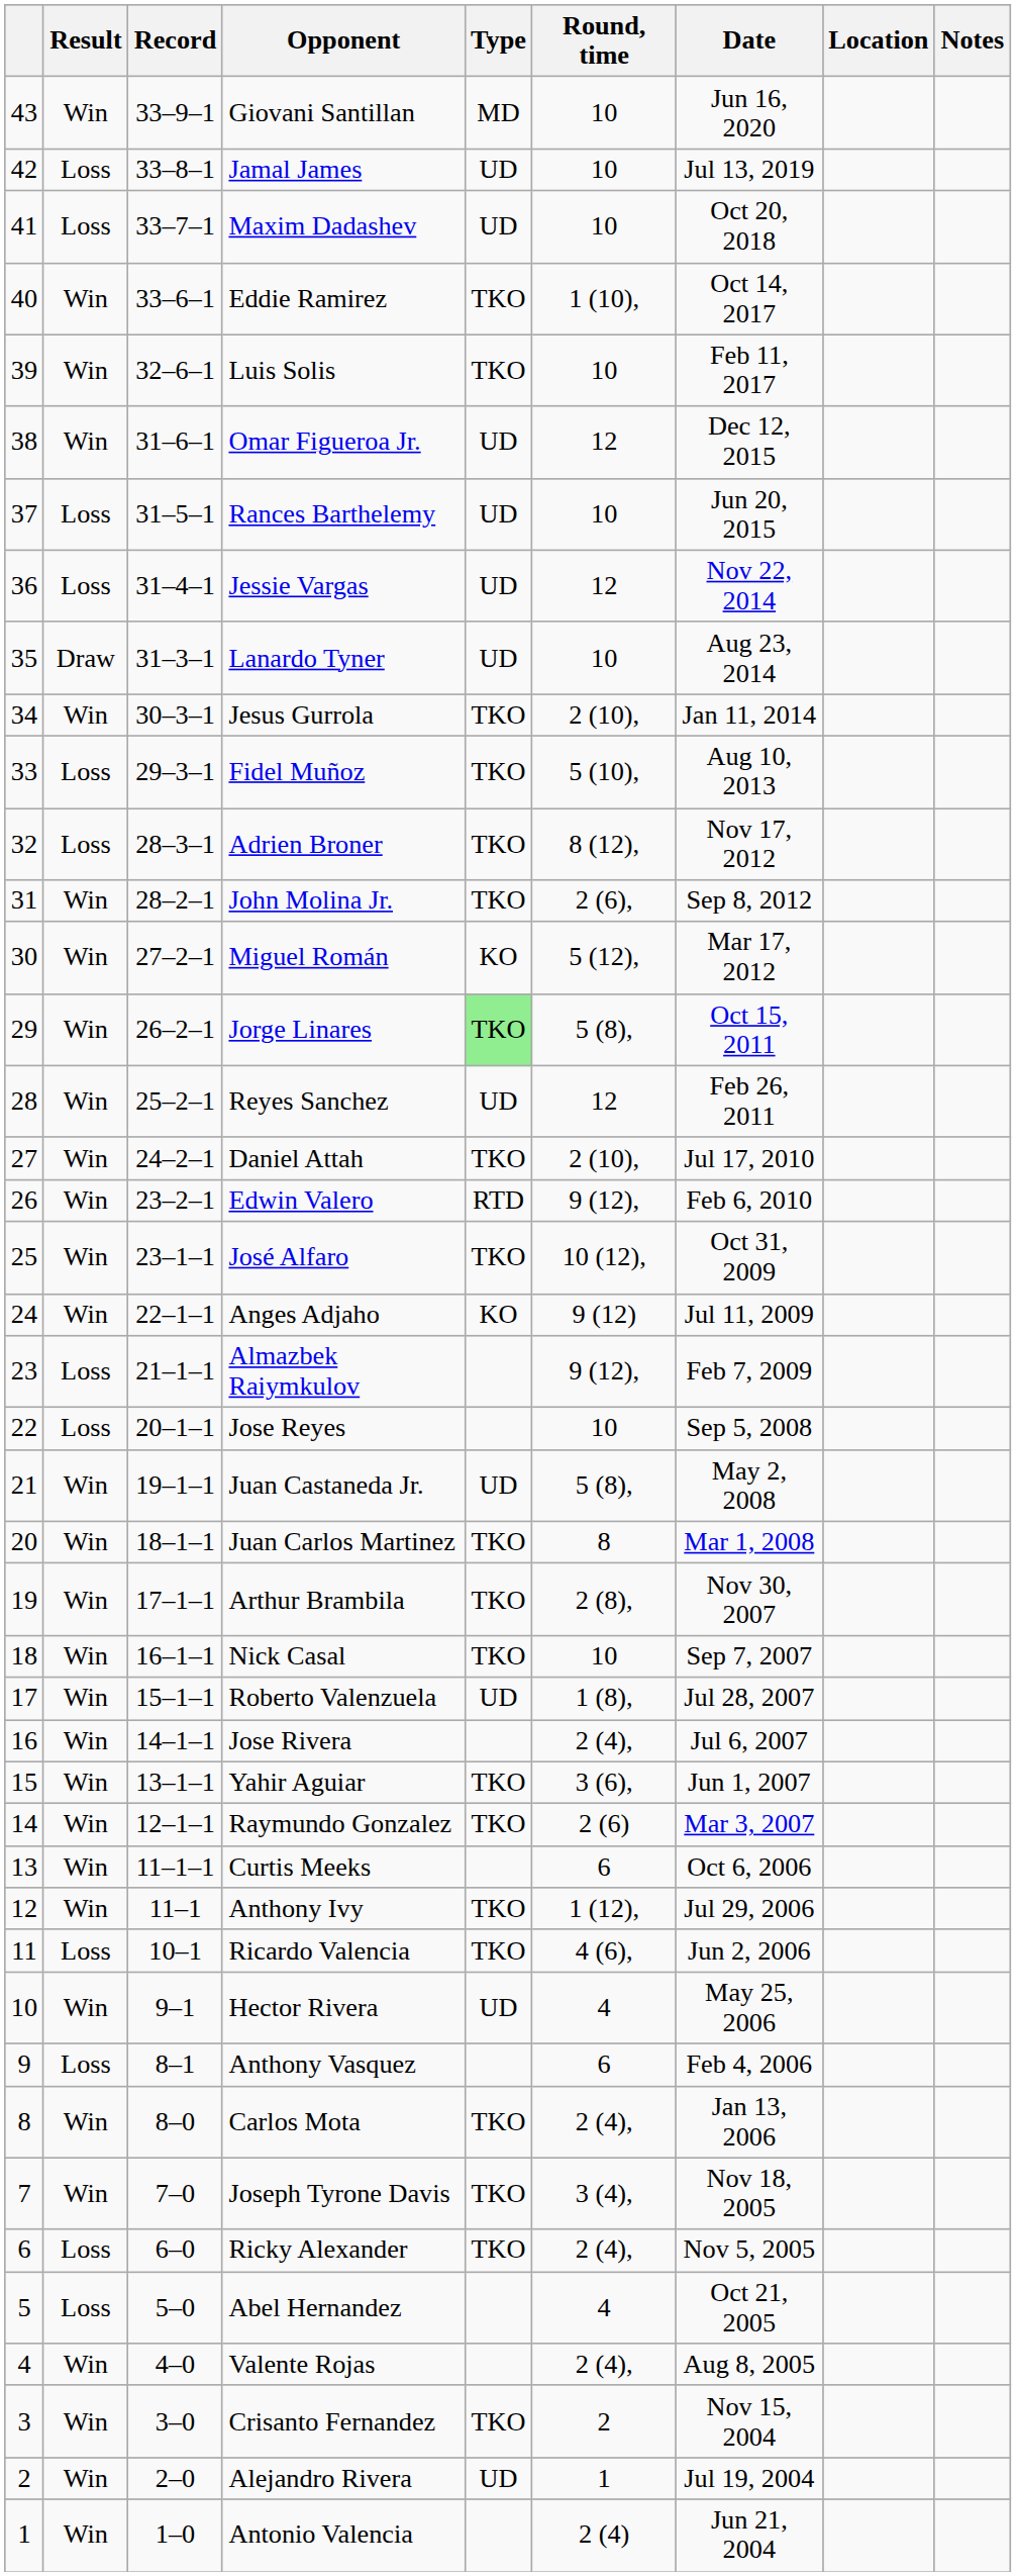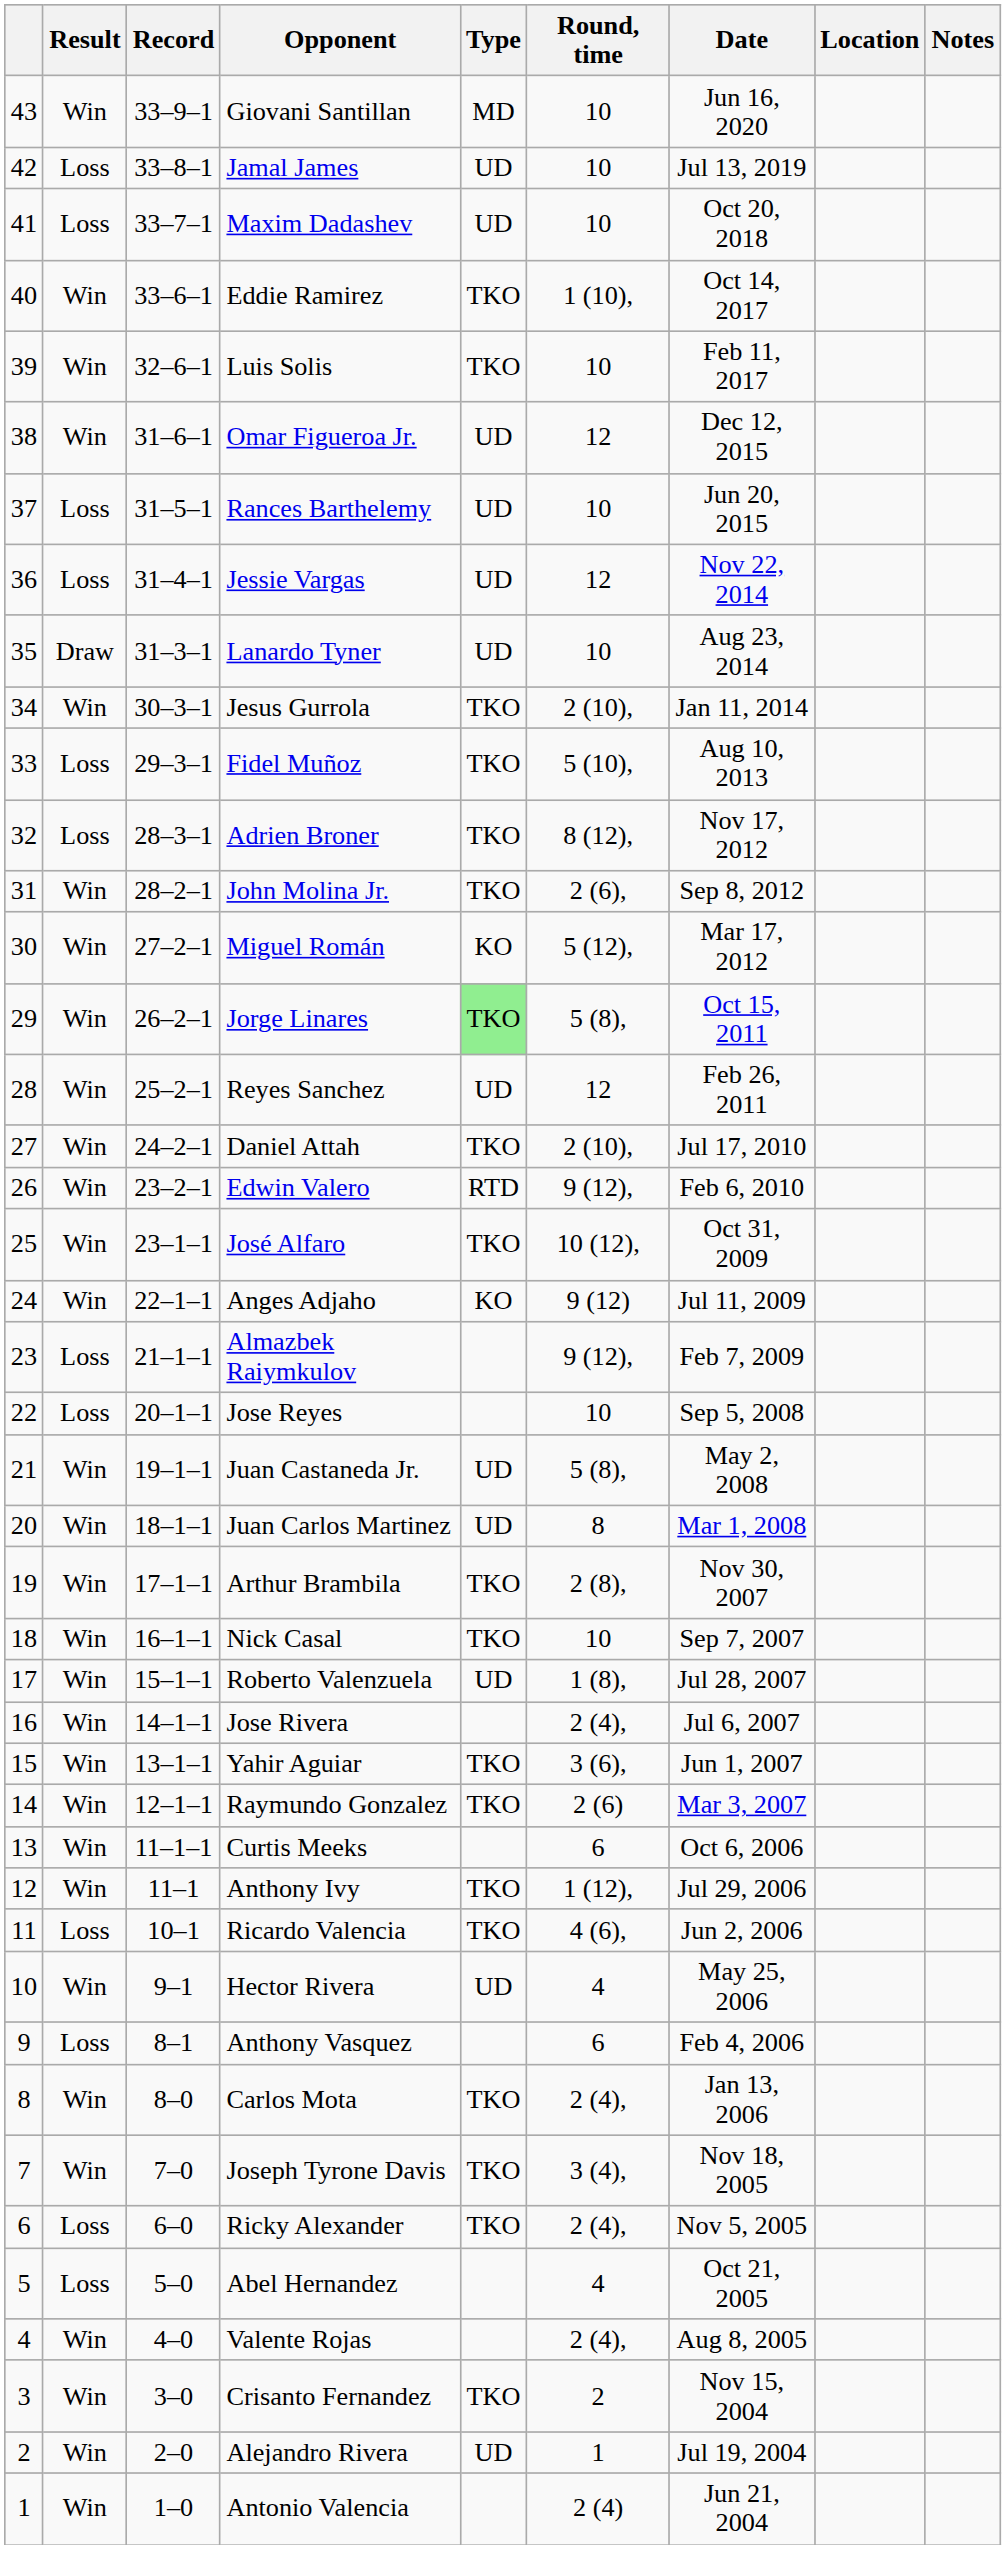 <table class="wikitable" style="text-align:center">
 <tr>
 <th></th>
 <th>Result</th>
 <th>Record</th>
 <th>Opponent</th>
 <th>Type</th>
 <th>Round, time</th>
 <th>Date</th>
 <th>Location</th>
 <th>Notes</th>
 </tr>
 <tr>
 <td>43</td>
 <td>Win</td>
 <td>33–9–1</td>
 <td style="text-align:left;">Giovani Santillan</td>
 <td>MD</td>
 <td>10</td>
 <td>Jun 16, 2020</td>
 <td style="text-align:left;"></td>
 <td></td>
 </tr>
 <tr>
 <td>42</td>
 <td>Loss</td>
 <td>33–8–1</td>
 <td style="text-align:left;"><a href='#'>Jamal James</a></td>
 <td>UD</td>
 <td>10</td>
 <td>Jul 13, 2019</td>
 <td style="text-align:left;"></td>
 <td></td>
 </tr>
 <tr>
 <td>41</td>
 <td>Loss</td>
 <td>33–7–1</td>
 <td style="text-align:left;"><a href='#'>Maxim Dadashev</a></td>
 <td>UD</td>
 <td>10</td>
 <td>Oct 20, 2018</td>
 <td style="text-align:left;"></td>
 <td style="text-align:left;"></td>
 </tr>
 <tr>
 <td>40</td>
 <td>Win</td>
 <td>33–6–1</td>
 <td style="text-align:left;">Eddie Ramirez</td>
 <td>TKO</td>
 <td>1 (10), </td>
 <td>Oct 14, 2017</td>
 <td style="text-align:left;"></td>
 <td></td>
 </tr>
 <tr>
 <td>39</td>
 <td>Win</td>
 <td>32–6–1</td>
 <td style="text-align:left;">Luis Solis</td>
 <td>TKO</td>
 <td>10</td>
 <td>Feb 11, 2017</td>
 <td style="text-align:left;"></td>
 <td></td>
 </tr>
 <tr>
 <td>38</td>
 <td>Win</td>
 <td>31–6–1</td>
 <td style="text-align:left;"><a href='#'>Omar Figueroa Jr.</a></td>
 <td>UD</td>
 <td>12</td>
 <td>Dec 12, 2015</td>
 <td style="text-align:left;"></td>
 <td></td>
 </tr>
 <tr>
 <td>37</td>
 <td>Loss</td>
 <td>31–5–1</td>
 <td style="text-align:left;"><a href='#'>Rances Barthelemy</a></td>
 <td>UD</td>
 <td>10</td>
 <td>Jun 20, 2015</td>
 <td style="text-align:left;"></td>
 <td></td>
 </tr>
 <tr>
 <td>36</td>
 <td>Loss</td>
 <td>31–4–1</td>
 <td style="text-align:left;"><a href='#'>Jessie Vargas</a></td>
 <td>UD</td>
 <td>12</td>
 <td><a href='#'>Nov 22, 2014</a></td>
 <td style="text-align:left;"></td>
 <td style="text-align:left;"></td>
 </tr>
 <tr>
 <td>35</td>
 <td>Draw</td>
 <td>31–3–1</td>
 <td style="text-align:left;"><a href='#'>Lanardo Tyner</a></td>
 <td>UD</td>
 <td>10</td>
 <td>Aug 23, 2014</td>
 <td style="text-align:left;"></td>
 <td></td>
 </tr>
 <tr>
 <td>34</td>
 <td>Win</td>
 <td>30–3–1</td>
 <td style="text-align:left;">Jesus Gurrola</td>
 <td>TKO</td>
 <td>2 (10), </td>
 <td>Jan 11, 2014</td>
 <td style="text-align:left;"></td>
 <td></td>
 </tr>
 <tr>
 <td>33</td>
 <td>Loss</td>
 <td>29–3–1</td>
 <td style="text-align:left;"><a href='#'>Fidel Muñoz</a></td>
 <td>TKO</td>
 <td>5 (10), </td>
 <td>Aug 10, 2013</td>
 <td style="text-align:left;"></td>
 <td></td>
 </tr>
 <tr>
 <td>32</td>
 <td>Loss</td>
 <td>28–3–1</td>
 <td style="text-align:left;"><a href='#'>Adrien Broner</a></td>
 <td>TKO</td>
 <td>8 (12), </td>
 <td>Nov 17, 2012</td>
 <td style="text-align:left;"></td>
 <td style="text-align:left;"></td>
 </tr>
 <tr>
 <td>31</td>
 <td>Win</td>
 <td>28–2–1</td>
 <td style="text-align:left;"><a href='#'>John Molina Jr.</a></td>
 <td>TKO</td>
 <td>2 (6), </td>
 <td>Sep 8, 2012</td>
 <td style="text-align:left;"></td>
 <td style="text-align:left;"></td>
 </tr>
 <tr>
 <td>30</td>
 <td>Win</td>
 <td>27–2–1</td>
 <td style="text-align:left;"><a href='#'>Miguel Román</a></td>
 <td>KO</td>
 <td>5 (12), </td>
 <td>Mar 17, 2012</td>
 <td style="text-align:left;"></td>
 <td style="text-align:left;"></td>
 </tr>
 <tr>
 <td>29</td>
 <td>Win</td>
 <td>26–2–1</td>
 <td style="text-align:left;"><a href='#'>Jorge Linares</a></td>
 <td style="background: lightgreen;">TKO</td>
 <td>5 (8), </td>
 <td><a href='#'>Oct 15, 2011</a></td>
 <td style="text-align:left;"></td>
 <td style="text-align:left;"></td>
 </tr>
 <tr>
 <td>28</td>
 <td>Win</td>
 <td>25–2–1</td>
 <td style="text-align:left;">Reyes Sanchez</td>
 <td>UD</td>
 <td>12</td>
 <td>Feb 26, 2011</td>
 <td style="text-align:left;"></td>
 <td style="text-align:left;"></td>
 </tr>
 <tr>
 <td>27</td>
 <td>Win</td>
 <td>24–2–1</td>
 <td style="text-align:left;">Daniel Attah</td>
 <td>TKO</td>
 <td>2 (10), </td>
 <td>Jul 17, 2010</td>
 <td style="text-align:left;"></td>
 <td></td>
 </tr>
 <tr>
 <td>26</td>
 <td>Win</td>
 <td>23–2–1</td>
 <td style="text-align:left;"><a href='#'>Edwin Valero</a></td>
 <td>RTD</td>
 <td>9 (12), </td>
 <td>Feb 6, 2010</td>
 <td style="text-align:left;"></td>
 <td style="text-align:left;"></td>
 </tr>
 <tr>
 <td>25</td>
 <td>Win</td>
 <td>23–1–1</td>
 <td style="text-align:left;"><a href='#'>José Alfaro</a></td>
 <td>TKO</td>
 <td>10 (12), </td>
 <td>Oct 31, 2009</td>
 <td style="text-align:left;"></td>
 <td style="text-align:left;"></td>
 </tr>
 <tr>
 <td>24</td>
 <td>Win</td>
 <td>22–1–1</td>
 <td style="text-align:left;">Anges Adjaho</td>
 <td>KO</td>
 <td>9 (12)</td>
 <td>Jul 11, 2009</td>
 <td style="text-align:left;"></td>
 <td></td>
 </tr>
 <tr>
 <td>23</td>
 <td>Loss</td>
 <td>21–1–1</td>
 <td style="text-align:left;"><a href='#'>Almazbek Raiymkulov</a></td>
 <td></td>
 <td>9 (12), </td>
 <td>Feb 7, 2009</td>
 <td style="text-align:left;"></td>
 <td style="text-align:left;"></td>
 </tr>
 <tr>
 <td>22</td>
 <td>Loss</td>
 <td>20–1–1</td>
 <td style="text-align:left;">Jose Reyes</td>
 <td></td>
 <td>10</td>
 <td>Sep 5, 2008</td>
 <td style="text-align:left;"></td>
 <td></td>
 </tr>
 <tr>
 <td>21</td>
 <td>Win</td>
 <td>19–1–1</td>
 <td style="text-align:left;">Juan Castaneda Jr.</td>
 <td>UD</td>
 <td>5 (8), </td>
 <td>May 2, 2008</td>
 <td style="text-align:left;"></td>
 <td></td>
 </tr>
 <tr>
 <td>20</td>
 <td>Win</td>
 <td>18–1–1</td>
 <td style="text-align:left;">Juan Carlos Martinez</td>
-<td>TKO</td>
+<td>UD</td>
 <td>8</td>
 <td><a href='#'>Mar 1, 2008</a></td>
 <td style="text-align:left;"></td>
 <td></td>
 </tr>
 <tr>
 <td>19</td>
 <td>Win</td>
 <td>17–1–1</td>
 <td style="text-align:left;">Arthur Brambila</td>
 <td>TKO</td>
 <td>2 (8), </td>
 <td>Nov 30, 2007</td>
 <td style="text-align:left;"></td>
 <td></td>
 </tr>
 <tr>
 <td>18</td>
 <td>Win</td>
 <td>16–1–1</td>
 <td style="text-align:left;">Nick Casal</td>
 <td>TKO</td>
 <td>10</td>
 <td>Sep 7, 2007</td>
 <td style="text-align:left;"></td>
 <td></td>
 </tr>
 <tr>
 <td>17</td>
 <td>Win</td>
 <td>15–1–1</td>
 <td style="text-align:left;">Roberto Valenzuela</td>
 <td>UD</td>
 <td>1 (8), </td>
 <td>Jul 28, 2007</td>
 <td style="text-align:left;"></td>
 <td></td>
 </tr>
 <tr>
 <td>16</td>
 <td>Win</td>
 <td>14–1–1</td>
 <td style="text-align:left;">Jose Rivera</td>
 <td></td>
 <td>2 (4), </td>
 <td>Jul 6, 2007</td>
 <td style="text-align:left;"></td>
 <td></td>
 </tr>
 <tr>
 <td>15</td>
 <td>Win</td>
 <td>13–1–1</td>
 <td style="text-align:left;">Yahir Aguiar</td>
 <td>TKO</td>
 <td>3 (6), </td>
 <td>Jun 1, 2007</td>
 <td style="text-align:left;"></td>
 <td></td>
 </tr>
 <tr>
 <td>14</td>
 <td>Win</td>
 <td>12–1–1</td>
 <td style="text-align:left;">Raymundo Gonzalez</td>
 <td>TKO</td>
 <td>2 (6)</td>
 <td><a href='#'>Mar 3, 2007</a></td>
 <td style="text-align:left;"></td>
 <td></td>
 </tr>
 <tr>
 <td>13</td>
 <td>Win</td>
 <td>11–1–1</td>
 <td style="text-align:left;">Curtis Meeks</td>
 <td></td>
 <td>6</td>
 <td>Oct 6, 2006</td>
 <td style="text-align:left;"></td>
 <td></td>
 </tr>
 <tr>
 <td>12</td>
 <td>Win</td>
 <td>11–1</td>
 <td style="text-align:left;">Anthony Ivy</td>
 <td>TKO</td>
 <td>1 (12), </td>
 <td>Jul 29, 2006</td>
 <td style="text-align:left;"></td>
 <td></td>
 </tr>
 <tr>
 <td>11</td>
 <td>Loss</td>
 <td>10–1</td>
 <td style="text-align:left;">Ricardo Valencia</td>
 <td>TKO</td>
 <td>4 (6), </td>
 <td>Jun 2, 2006</td>
 <td style="text-align:left;"></td>
 <td></td>
 </tr>
 <tr>
 <td>10</td>
 <td>Win</td>
 <td>9–1</td>
 <td style="text-align:left;">Hector Rivera</td>
 <td>UD</td>
 <td>4</td>
 <td>May 25, 2006</td>
 <td style="text-align:left;"></td>
 <td></td>
 </tr>
 <tr>
 <td>9</td>
 <td>Loss</td>
 <td>8–1</td>
 <td style="text-align:left;">Anthony Vasquez</td>
 <td></td>
 <td>6</td>
 <td>Feb 4, 2006</td>
 <td style="text-align:left;"></td>
 <td></td>
 </tr>
 <tr>
 <td>8</td>
 <td>Win</td>
 <td>8–0</td>
 <td style="text-align:left;">Carlos Mota</td>
 <td>TKO</td>
 <td>2 (4), </td>
 <td>Jan 13, 2006</td>
 <td style="text-align:left;"></td>
 <td></td>
 </tr>
 <tr>
 <td>7</td>
 <td>Win</td>
 <td>7–0</td>
 <td style="text-align:left;">Joseph Tyrone Davis</td>
 <td>TKO</td>
 <td>3 (4), </td>
 <td>Nov 18, 2005</td>
 <td style="text-align:left;"></td>
 <td></td>
 </tr>
 <tr>
 <td>6</td>
 <td>Loss</td>
 <td>6–0</td>
 <td style="text-align:left;">Ricky Alexander</td>
 <td>TKO</td>
 <td>2 (4), </td>
 <td>Nov 5, 2005</td>
 <td style="text-align:left;"></td>
 <td></td>
 </tr>
 <tr>
 <td>5</td>
 <td>Loss</td>
 <td>5–0</td>
 <td style="text-align:left;">Abel Hernandez</td>
 <td></td>
 <td>4</td>
 <td>Oct 21, 2005</td>
 <td style="text-align:left;"></td>
 <td></td>
 </tr>
 <tr>
 <td>4</td>
 <td>Win</td>
 <td>4–0</td>
 <td style="text-align:left;">Valente Rojas</td>
 <td></td>
 <td>2 (4), </td>
 <td>Aug 8, 2005</td>
 <td style="text-align:left;"></td>
 <td></td>
 </tr>
 <tr>
 <td>3</td>
 <td>Win</td>
 <td>3–0</td>
 <td style="text-align:left;">Crisanto Fernandez</td>
 <td>TKO</td>
 <td>2</td>
 <td>Nov 15, 2004</td>
 <td style="text-align:left;"></td>
 <td></td>
 </tr>
 <tr>
 <td>2</td>
 <td>Win</td>
 <td>2–0</td>
 <td style="text-align:left;">Alejandro Rivera</td>
 <td>UD</td>
 <td>1</td>
 <td>Jul 19, 2004</td>
 <td style="text-align:left;"></td>
 <td></td>
 </tr>
 <tr>
 <td>1</td>
 <td>Win</td>
 <td>1–0</td>
 <td style="text-align:left;">Antonio Valencia</td>
 <td></td>
 <td>2 (4)</td>
 <td>Jun 21, 2004</td>
 <td style="text-align:left;"></td>
 <td></td>
 </tr>
 </table>
